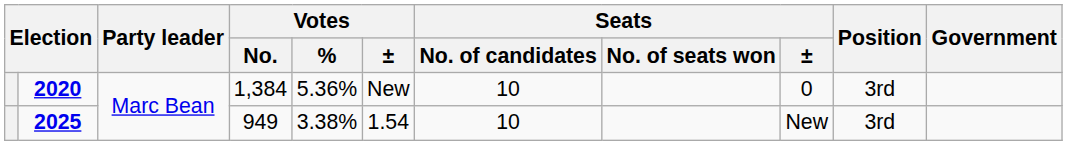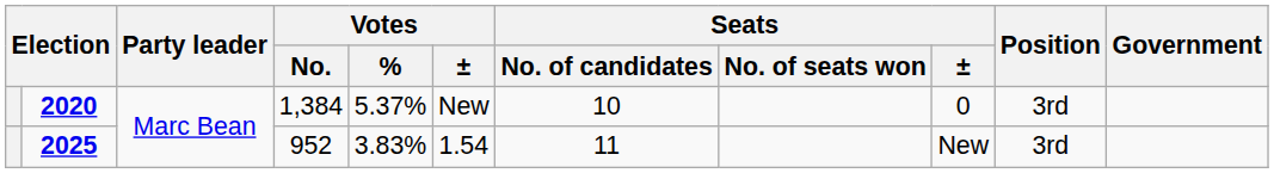 <table class="wikitable" style="text-align:center">
 <tr>
 <th colspan="2" rowspan="2">Election</th>
 <th rowspan="2">Party leader</th>
 <th colspan="3">Votes</th>
 <th colspan="3">Seats</th>
 <th rowspan="2">Position</th>
 <th rowspan="2">Government</th>
 </tr>
 <tr>
 <th>No.</th>
 <th>%</th>
 <th>±</th>
 <th>No. of candidates</th>
 <th>No. of seats won</th>
 <th>±</th>
 </tr>
 <tr>
 <th style="background-color: "></th>
 <td><strong><a href='#'>2020</a></strong></td>
 <td rowspan=2><a href='#'>Marc Bean</a></td>
 <td>1,384</td>
-<td>5.36%</td>
+<td>5.37%</td>
 <td>New</td>
 <td>10</td>
 <td></td>
 <td> 0</td>
 <td>3rd</td>
 <td></td>
 </tr>
 <tr>
 <th style="background-color: "></th>
 <td><strong><a href='#'>2025</a></strong></td>
-<td>949</td>
-<td>3.38%</td>
+<td>952</td>
+<td>3.83%</td>
 <td> 1.54</td>
-<td>10</td>
+<td>11</td>
 <td></td>
 <td>New</td>
 <td> 3rd</td>
 <td></td>
 </tr>
 </table>
